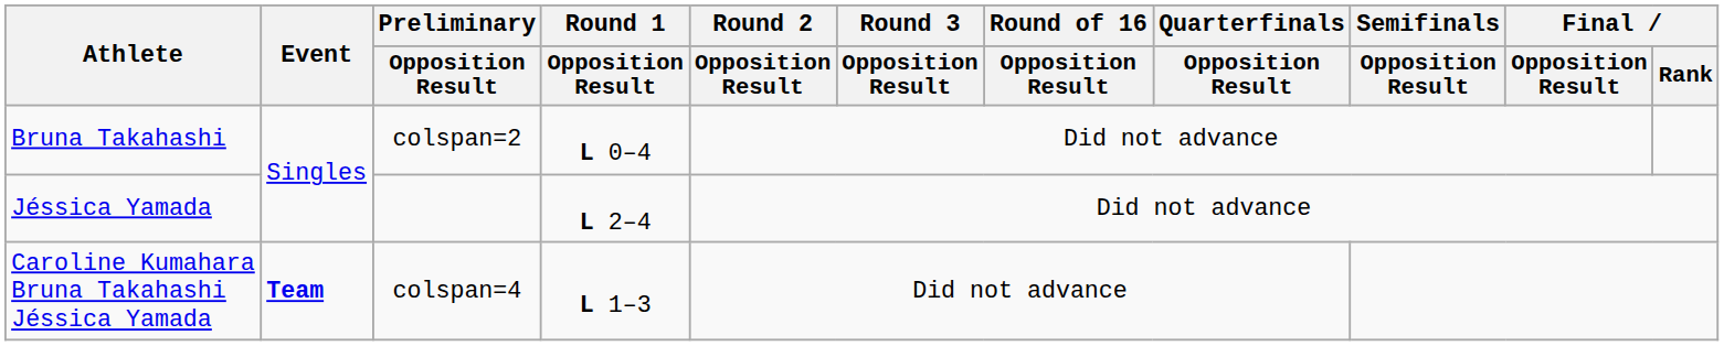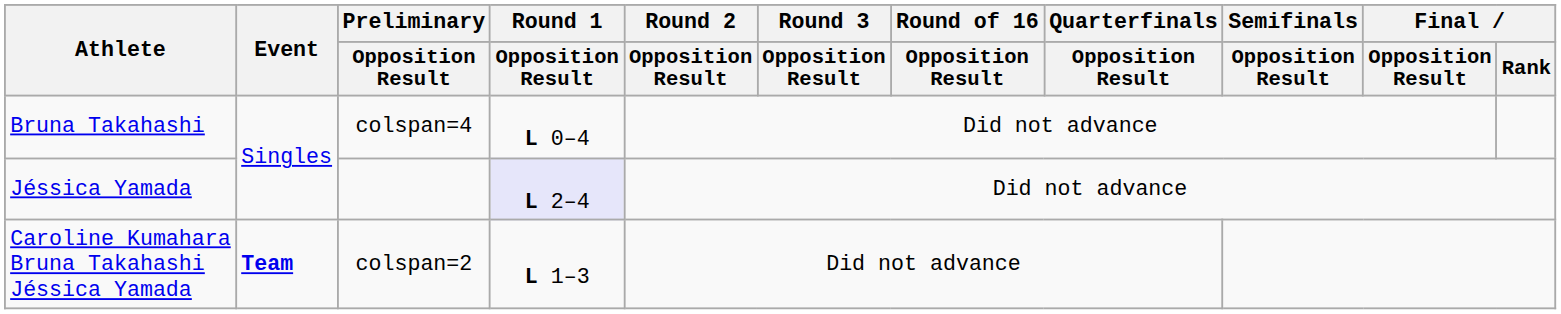 <table class="wikitable" style="font-size:90%;">
 <tr>
 <th rowspan=2>Athlete</th>
 <th rowspan=2>Event</th>
 <th>Preliminary</th>
 <th>Round 1</th>
 <th>Round 2</th>
 <th>Round 3</th>
 <th>Round of 16</th>
 <th>Quarterfinals</th>
 <th>Semifinals</th>
 <th colspan=2>Final / </th>
 </tr>
 <tr style="font-size:95%">
 <th>Opposition<br>Result</th>
 <th>Opposition<br>Result</th>
 <th>Opposition<br>Result</th>
 <th>Opposition<br>Result</th>
 <th>Opposition<br>Result</th>
 <th>Opposition<br>Result</th>
 <th>Opposition<br>Result</th>
 <th>Opposition<br>Result</th>
 <th>Rank</th>
 </tr>
 <tr align=center>
 <td align=left><a href='#'>Bruna Takahashi</a></td>
 <td align=left rowspan=2><a href='#'>Singles</a></td>
-<td>colspan=2 </td>
+<td>colspan=4 </td>
 <td><br><strong>L</strong> 0–4</td>
 <td colspan=6>Did not advance</td>
 </tr>
 <tr align=center>
 <td align=left><a href='#'>Jéssica Yamada</a></td>
 <td></td>
-<td><br><strong>L</strong> 2–4</td>
+<td style="background: lavender;"><br><strong>L</strong> 2–4</td>
 <td colspan=7>Did not advance</td>
 </tr>
 <tr align=center>
 <td align=left><a href='#'>Caroline Kumahara</a><br><a href='#'>Bruna Takahashi</a><br><a href='#'>Jéssica Yamada</a></td>
 <td align=left><strong><a href='#'>Team</a></strong></td>
-<td>colspan=4 </td>
+<td>colspan=2 </td>
 <td><br><strong>L</strong> 1–3</td>
 <td colspan=4>Did not advance</td>
 </tr>
 </table>
